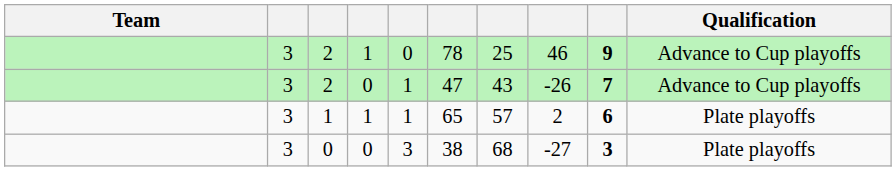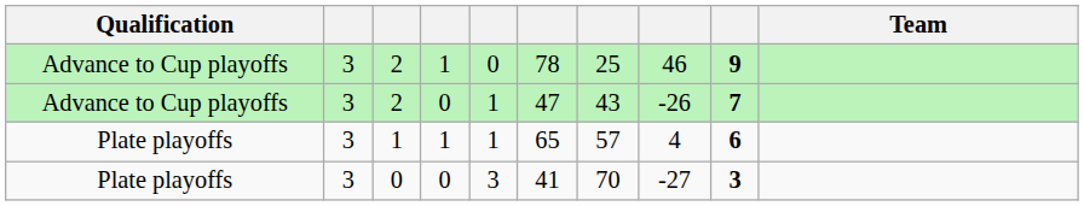 <table class="wikitable" style="text-align:center;">
 <tr>
-<th style="width:12.5em">Team</th>
+<th style="width:12.5em">Qualification</th>
 <th style="width:1.5em;"></th>
 <th style="width:1.5em;"></th>
 <th style="width:1.5em;"></th>
 <th style="width:1.5em;"></th>
 <th style="width:2.0em;"></th>
 <th style="width:2.0em;"></th>
 <th style="width:2.5em;"></th>
 <th style="width:1.5em;"></th>
-<th style="width:12.5em">Qualification</th>
+<th style="width:12.5em">Team</th>
 </tr>
 <tr bgcolor=#bbf3bb>
-<td align=left></td>
+<td>Advance to Cup playoffs</td>
 <td>3</td>
 <td>2</td>
 <td>1</td>
 <td>0</td>
 <td>78</td>
 <td>25</td>
 <td>46</td>
 <td><strong>9</strong></td>
-<td>Advance to Cup playoffs</td>
+<td align=left></td>
 </tr>
 <tr bgcolor=#bbf3bb>
-<td align=left></td>
+<td>Advance to Cup playoffs</td>
 <td>3</td>
 <td>2</td>
 <td>0</td>
 <td>1</td>
 <td>47</td>
 <td>43</td>
 <td>-26</td>
 <td><strong>7</strong></td>
-<td>Advance to Cup playoffs</td>
+<td align=left></td>
 </tr>
 <tr>
-<td align=left></td>
+<td>Plate playoffs</td>
 <td>3</td>
 <td>1</td>
 <td>1</td>
 <td>1</td>
 <td>65</td>
 <td>57</td>
-<td>2</td>
+<td>4</td>
 <td><strong>6</strong></td>
-<td>Plate playoffs</td>
+<td align=left></td>
 </tr>
 <tr>
-<td align=left></td>
+<td>Plate playoffs</td>
 <td>3</td>
 <td>0</td>
 <td>0</td>
 <td>3</td>
-<td>38</td>
-<td>68</td>
+<td>41</td>
+<td>70</td>
 <td>-27</td>
 <td><strong>3</strong></td>
-<td>Plate playoffs</td>
+<td align=left></td>
 </tr>
 </table>
